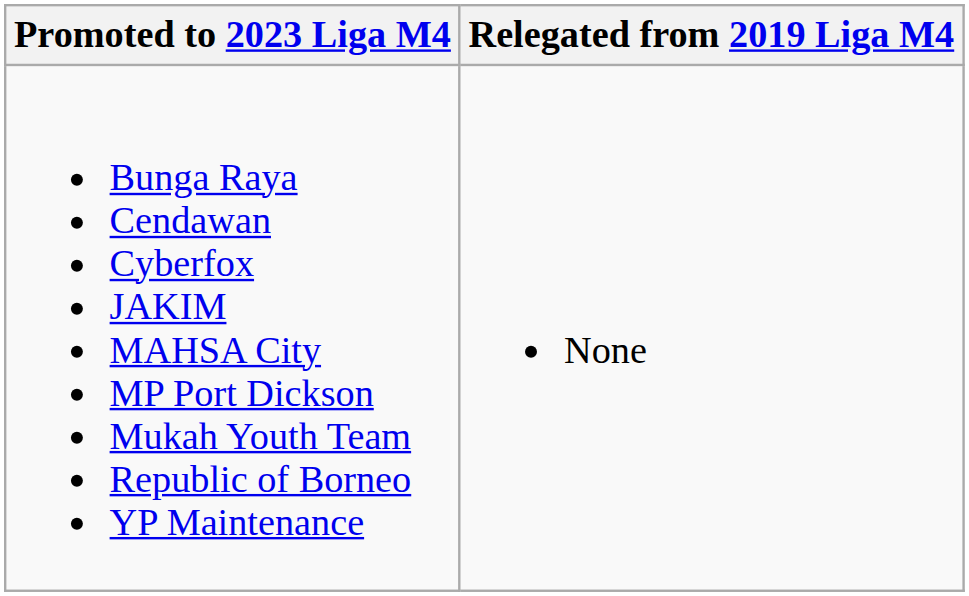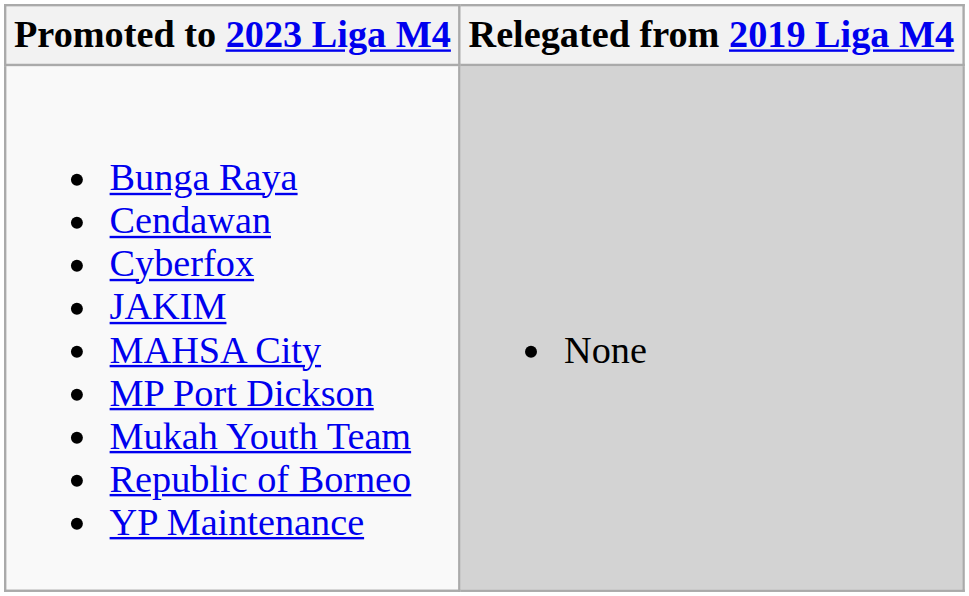 <table class="wikitable">
 <tr>
 <th> Promoted to <a href='#'>2023 Liga M4</a></th>
 <th> Relegated from <a href='#'>2019 Liga M4</a></th>
 </tr>
 <tr>
 <td><br><ul><li> <a href='#'>Bunga Raya</a></li><li> <a href='#'>Cendawan</a></li><li> <a href='#'>Cyberfox</a></li><li> <a href='#'>JAKIM</a></li><li> <a href='#'>MAHSA City</a></li><li> <a href='#'>MP Port Dickson</a></li><li> <a href='#'>Mukah Youth Team</a></li><li> <a href='#'>Republic of Borneo</a></li><li> <a href='#'>YP Maintenance</a></li></ul></td>
-<td><br><ul><li>None</li></ul></td>
+<td style="background: lightgrey;"><br><ul><li>None</li></ul></td>
 </tr>
 </table>
